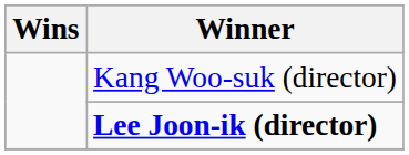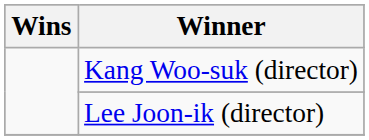 <table class="wikitable">
 <tr>
 <th>Wins</th>
 <th>Winner</th>
 </tr>
 <tr>
 <td rowspan="2"></td>
 <td><a href='#'>Kang Woo-suk</a> (director)</td>
 </tr>
 <tr>
-<td><strong><a href='#'>Lee Joon-ik</a> (director)</strong></td>
+<td><a href='#'>Lee Joon-ik</a> (director)</td>
 </tr>
 <tr>
 </tr>
 </table>
